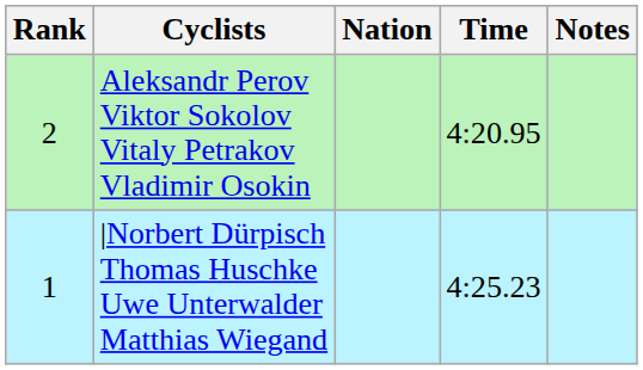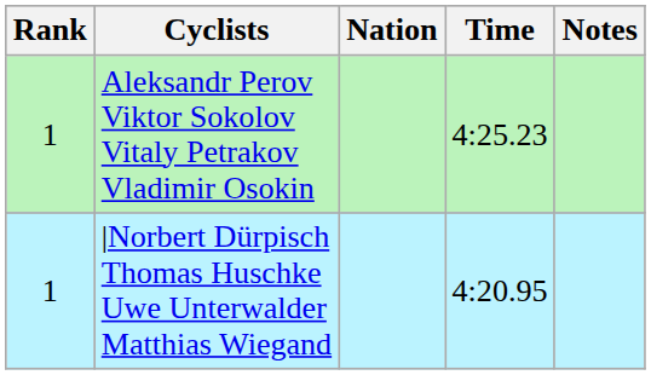 <table class="wikitable sortable" style=text-align:center>
 <tr>
 <th>Rank</th>
 <th>Cyclists</th>
 <th>Nation</th>
 <th>Time</th>
 <th>Notes</th>
 </tr>
 <tr bgcolor=bbf3bb>
-<td>2</td>
+<td>1</td>
 <td align=left><a href='#'>Aleksandr Perov</a><br><a href='#'>Viktor Sokolov</a><br><a href='#'>Vitaly Petrakov</a><br><a href='#'>Vladimir Osokin</a></td>
 <td align=left></td>
-<td>4:20.95</td>
+<td>4:25.23</td>
 <td></td>
 </tr>
 <tr bgcolor=bbf3ff>
 <td>1</td>
 <td align=left>|<a href='#'>Norbert Dürpisch</a><br><a href='#'>Thomas Huschke</a><br><a href='#'>Uwe Unterwalder</a><br><a href='#'>Matthias Wiegand</a></td>
 <td align=left></td>
-<td>4:25.23</td>
+<td>4:20.95</td>
 <td></td>
 </tr>
 </table>
